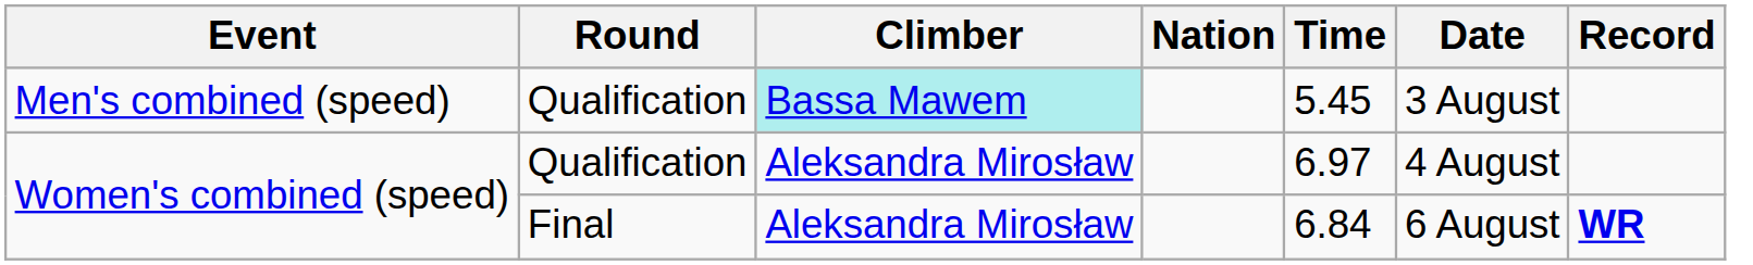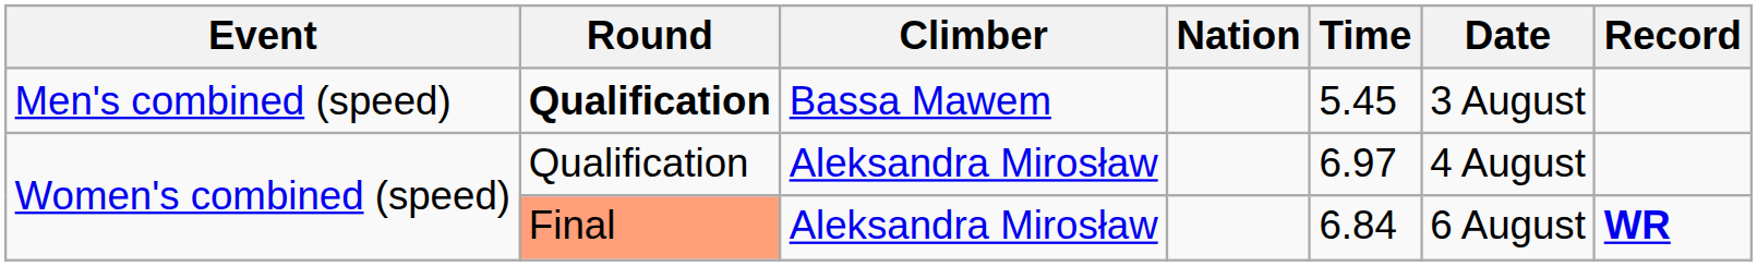 <table class="wikitable">
 <tr>
 <th>Event</th>
 <th>Round</th>
 <th>Climber</th>
 <th>Nation</th>
 <th>Time</th>
 <th>Date</th>
 <th>Record</th>
 </tr>
 <tr>
 <td><a href='#'>Men's combined</a> (speed)</td>
-<td>Qualification</td>
-<td style="background: paleturquoise;"><a href='#'>Bassa Mawem</a></td>
+<td><strong>Qualification</strong></td>
+<td><a href='#'>Bassa Mawem</a></td>
 <td align=left></td>
 <td>5.45</td>
 <td>3 August</td>
 <td></td>
 </tr>
 <tr>
 <td rowspan="2"><a href='#'>Women's combined</a> (speed)</td>
 <td>Qualification</td>
 <td><a href='#'>Aleksandra Mirosław</a></td>
 <td align=left></td>
 <td>6.97</td>
 <td>4 August</td>
 <td></td>
 </tr>
 <tr>
-<td>Final</td>
+<td style="background: lightsalmon;">Final</td>
 <td><a href='#'>Aleksandra Mirosław</a></td>
 <td></td>
 <td>6.84</td>
 <td>6 August</td>
 <td><strong><a href='#'>WR</a></strong></td>
 </tr>
 </table>
